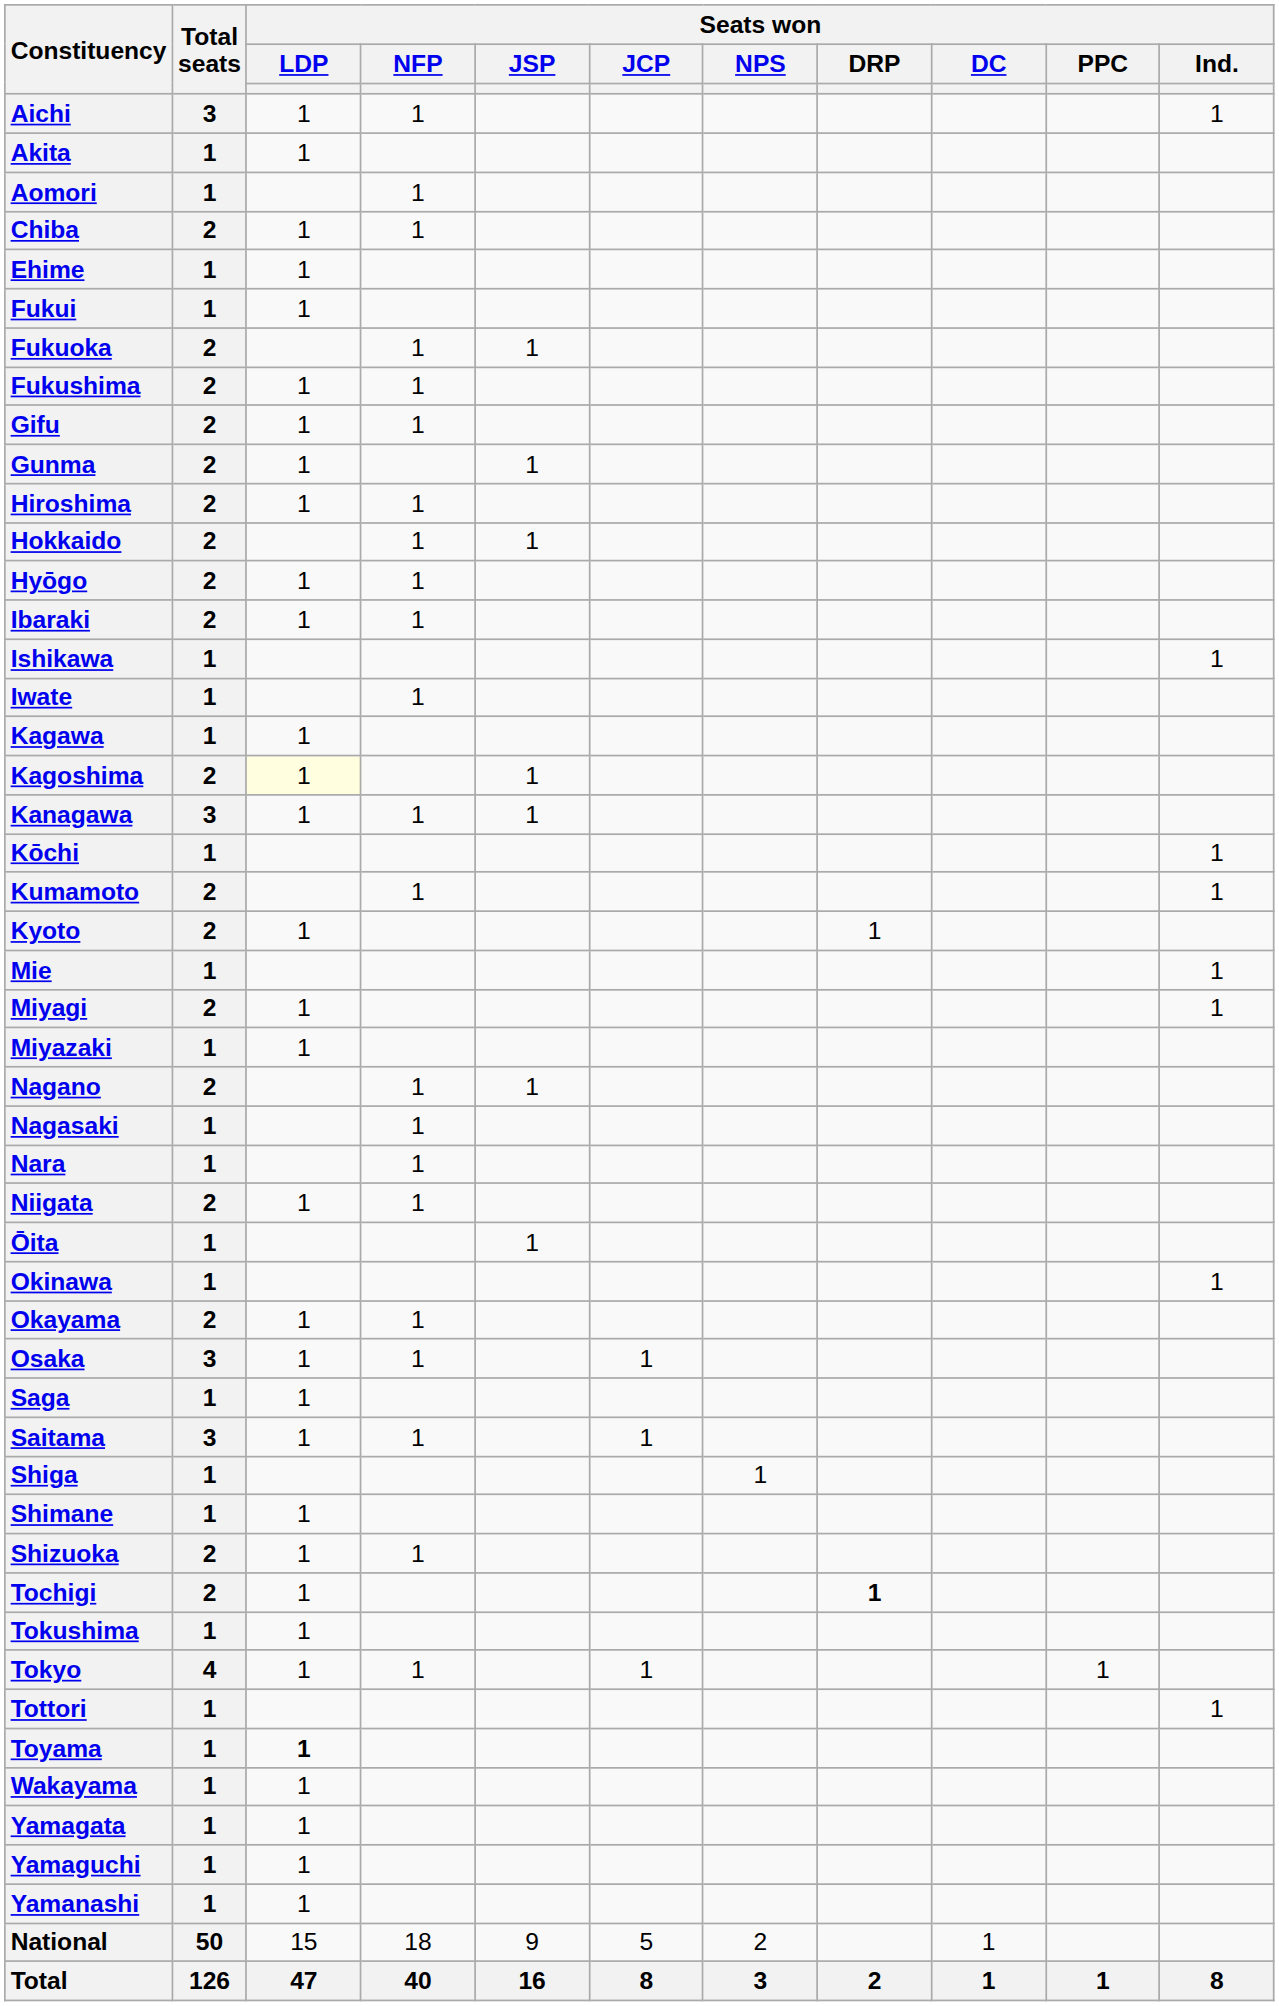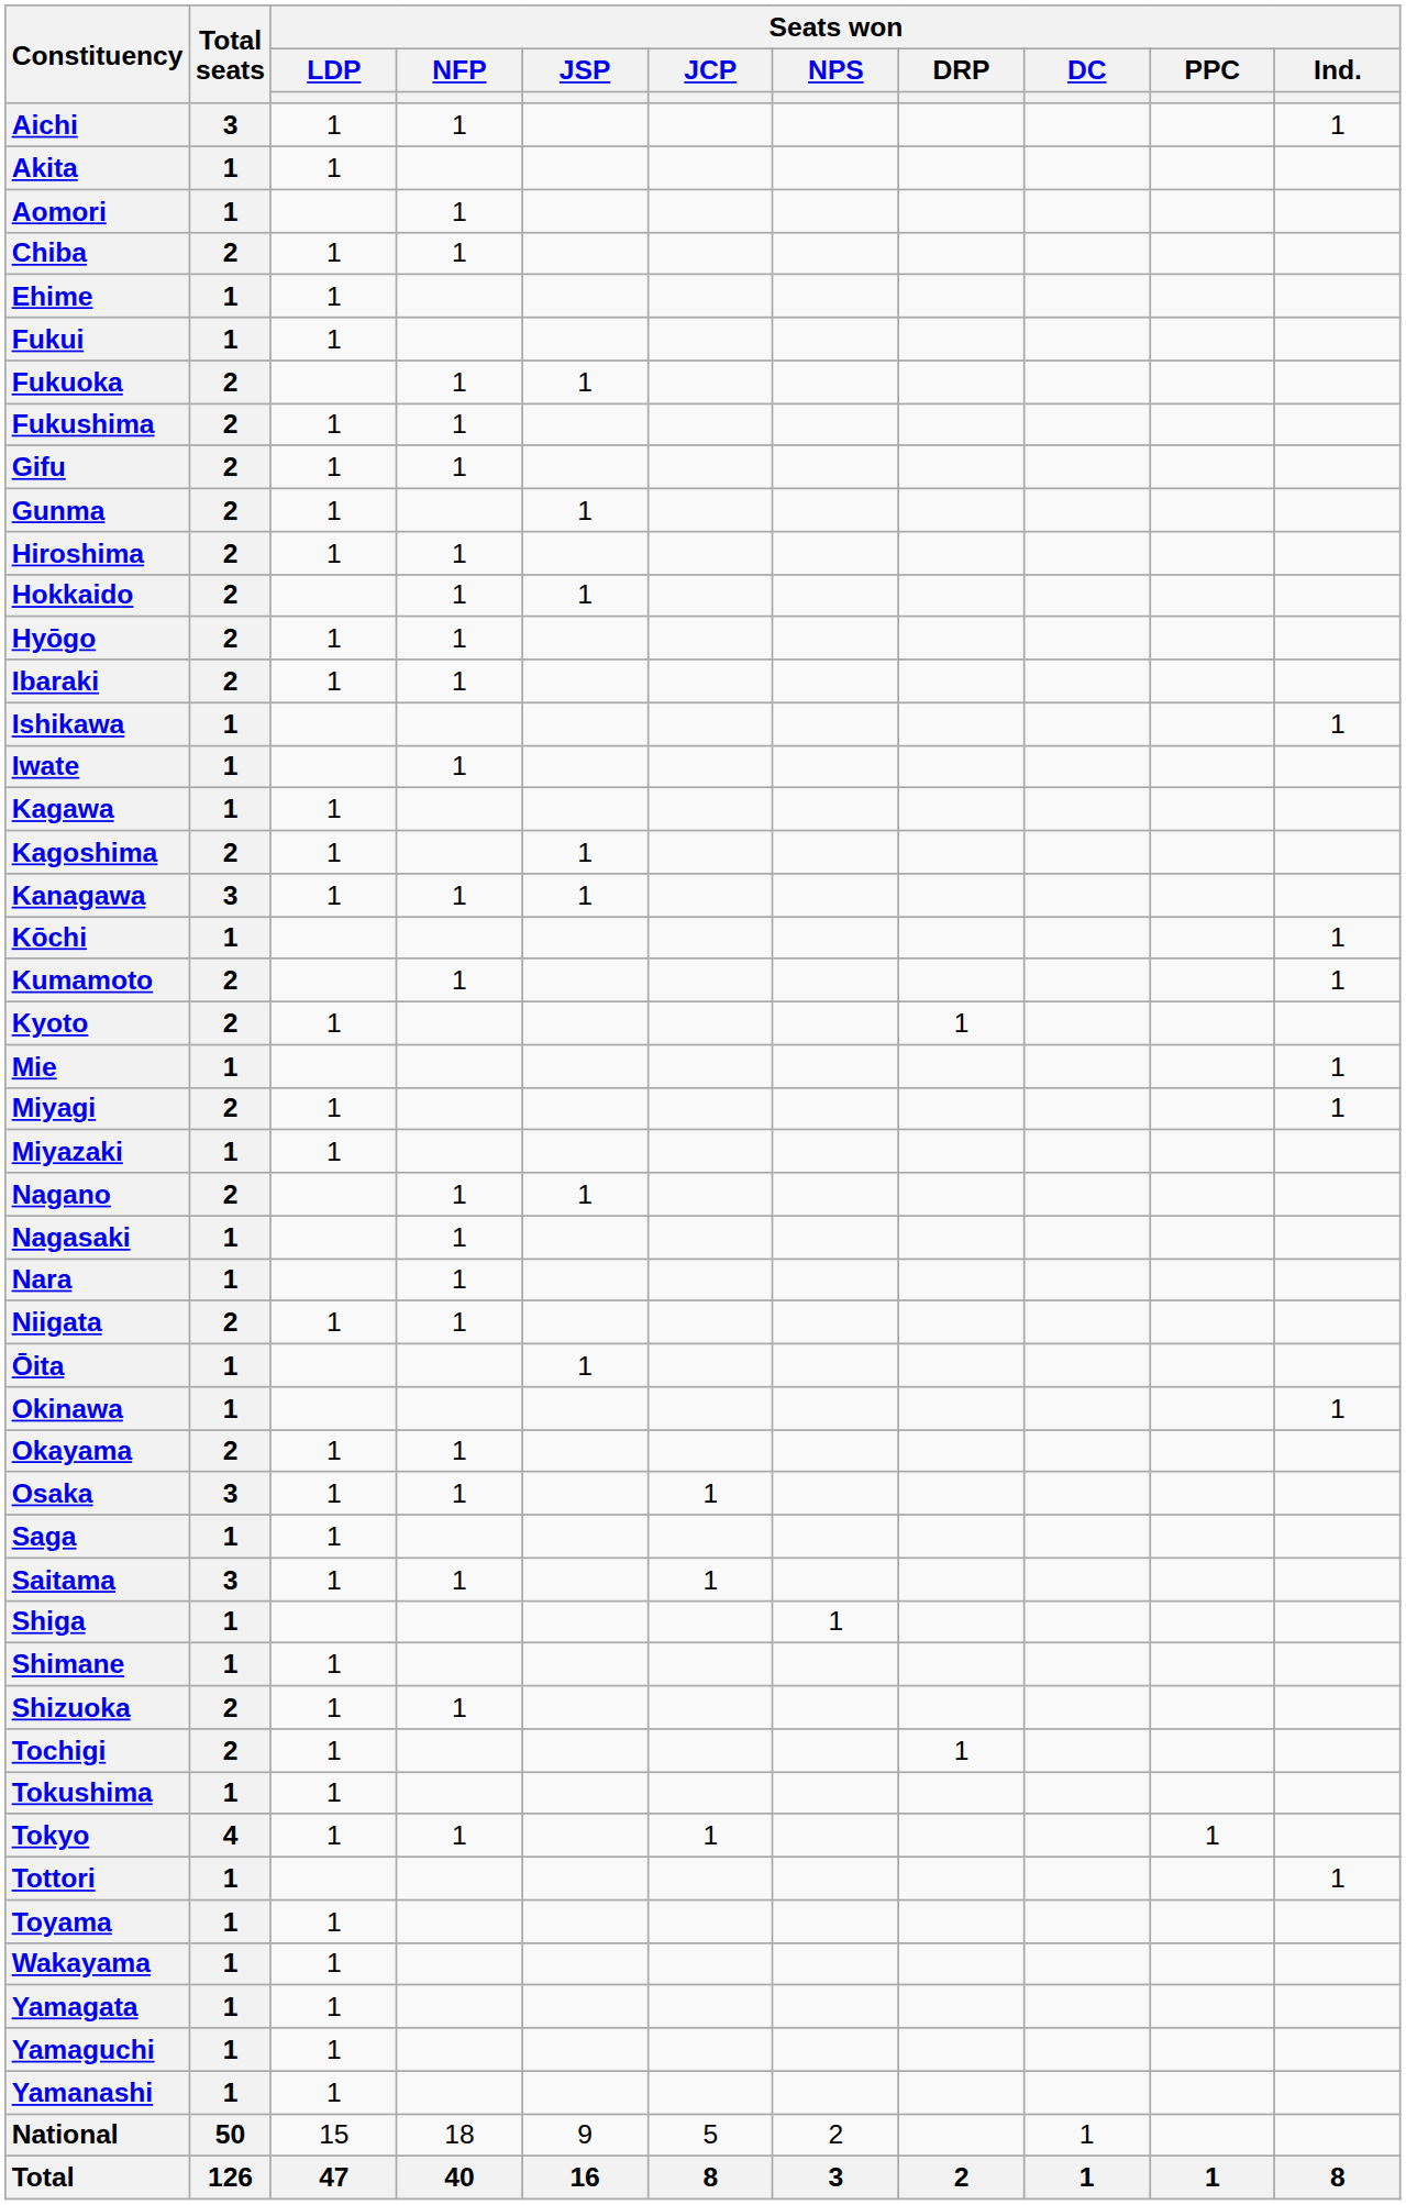 <table class="wikitable" style="text-align:center; font-size: 0.9em;">
 <tr>
 <th rowspan="3">Constituency</th>
 <th rowspan="3">Total<br>seats</th>
 <th colspan="9">Seats won</th>
 </tr>
 <tr>
 <th class="unsortable" style="width:60px;"><a href='#'>LDP</a></th>
 <th class="unsortable" style="width:60px;"><a href='#'>NFP</a></th>
 <th class="unsortable" style="width:60px;"><a href='#'>JSP</a></th>
 <th class="unsortable" style="width:60px;"><a href='#'>JCP</a></th>
 <th class="unsortable" style="width:60px;"><a href='#'>NPS</a></th>
 <th class="unsortable" style="width:60px;">DRP</th>
 <th class="unsortable" style="width:60px;"><a href='#'>DC</a></th>
 <th class="unsortable" style="width:60px;">PPC</th>
 <th class="unsortable" style="width:60px;">Ind.</th>
 </tr>
 <tr>
 <th style="background:"></th>
 <th style="background:"></th>
 <th style="background:"></th>
 <th style="background:"></th>
 <th style="background:"></th>
 <th style="background:"></th>
 <th style="background:"></th>
 <th></th>
 <th style="background:"></th>
 </tr>
 <tr>
 <th style="text-align: left;"><a href='#'>Aichi</a></th>
 <th>3</th>
 <td>1</td>
 <td>1</td>
 <td></td>
 <td></td>
 <td></td>
 <td></td>
 <td></td>
 <td></td>
 <td>1</td>
 </tr>
 <tr>
 <th style="text-align: left;"><a href='#'>Akita</a></th>
 <th>1</th>
 <td>1</td>
 <td></td>
 <td></td>
 <td></td>
 <td></td>
 <td></td>
 <td></td>
 <td></td>
 <td></td>
 </tr>
 <tr>
 <th style="text-align: left;"><a href='#'>Aomori</a></th>
 <th>1</th>
 <td></td>
 <td>1</td>
 <td></td>
 <td></td>
 <td></td>
 <td></td>
 <td></td>
 <td></td>
 <td></td>
 </tr>
 <tr>
 <th style="text-align: left;"><a href='#'>Chiba</a></th>
 <th>2</th>
 <td>1</td>
 <td>1</td>
 <td></td>
 <td></td>
 <td></td>
 <td></td>
 <td></td>
 <td></td>
 <td></td>
 </tr>
 <tr>
 <th style="text-align: left;"><a href='#'>Ehime</a></th>
 <th>1</th>
 <td>1</td>
 <td></td>
 <td></td>
 <td></td>
 <td></td>
 <td></td>
 <td></td>
 <td></td>
 <td></td>
 </tr>
 <tr>
 <th style="text-align: left;"><a href='#'>Fukui</a></th>
 <th>1</th>
 <td>1</td>
 <td></td>
 <td></td>
 <td></td>
 <td></td>
 <td></td>
 <td></td>
 <td></td>
 <td></td>
 </tr>
 <tr>
 <th style="text-align: left;"><a href='#'>Fukuoka</a></th>
 <th>2</th>
 <td></td>
 <td>1</td>
 <td>1</td>
 <td></td>
 <td></td>
 <td></td>
 <td></td>
 <td></td>
 <td></td>
 </tr>
 <tr>
 <th style="text-align: left;"><a href='#'>Fukushima</a></th>
 <th>2</th>
 <td>1</td>
 <td>1</td>
 <td></td>
 <td></td>
 <td></td>
 <td></td>
 <td></td>
 <td></td>
 <td></td>
 </tr>
 <tr>
 <th style="text-align: left;"><a href='#'>Gifu</a></th>
 <th>2</th>
 <td>1</td>
 <td>1</td>
 <td></td>
 <td></td>
 <td></td>
 <td></td>
 <td></td>
 <td></td>
 <td></td>
 </tr>
 <tr>
 <th style="text-align: left;"><a href='#'>Gunma</a></th>
 <th>2</th>
 <td>1</td>
 <td></td>
 <td>1</td>
 <td></td>
 <td></td>
 <td></td>
 <td></td>
 <td></td>
 <td></td>
 </tr>
 <tr>
 <th style="text-align: left;"><a href='#'>Hiroshima</a></th>
 <th>2</th>
 <td>1</td>
 <td>1</td>
 <td></td>
 <td></td>
 <td></td>
 <td></td>
 <td></td>
 <td></td>
 <td></td>
 </tr>
 <tr>
 <th style="text-align: left;"><a href='#'>Hokkaido</a></th>
 <th>2</th>
 <td></td>
 <td>1</td>
 <td>1</td>
 <td></td>
 <td></td>
 <td></td>
 <td></td>
 <td></td>
 <td></td>
 </tr>
 <tr>
 <th style="text-align: left;"><a href='#'>Hyōgo</a></th>
 <th>2</th>
 <td>1</td>
 <td>1</td>
 <td></td>
 <td></td>
 <td></td>
 <td></td>
 <td></td>
 <td></td>
 <td></td>
 </tr>
 <tr>
 <th style="text-align: left;"><a href='#'>Ibaraki</a></th>
 <th>2</th>
 <td>1</td>
 <td>1</td>
 <td></td>
 <td></td>
 <td></td>
 <td></td>
 <td></td>
 <td></td>
 <td></td>
 </tr>
 <tr>
 <th style="text-align: left;"><a href='#'>Ishikawa</a></th>
 <th>1</th>
 <td></td>
 <td></td>
 <td></td>
 <td></td>
 <td></td>
 <td></td>
 <td></td>
 <td></td>
 <td>1</td>
 </tr>
 <tr>
 <th style="text-align: left;"><a href='#'>Iwate</a></th>
 <th>1</th>
 <td></td>
 <td>1</td>
 <td></td>
 <td></td>
 <td></td>
 <td></td>
 <td></td>
 <td></td>
 <td></td>
 </tr>
 <tr>
 <th style="text-align: left;"><a href='#'>Kagawa</a></th>
 <th>1</th>
 <td>1</td>
 <td></td>
 <td></td>
 <td></td>
 <td></td>
 <td></td>
 <td></td>
 <td></td>
 <td></td>
 </tr>
 <tr>
 <th style="text-align: left;"><a href='#'>Kagoshima</a></th>
 <th>2</th>
-<td style="background: lightyellow;">1</td>
+<td>1</td>
 <td></td>
 <td>1</td>
 <td></td>
 <td></td>
 <td></td>
 <td></td>
 <td></td>
 <td></td>
 </tr>
 <tr>
 <th style="text-align: left;"><a href='#'>Kanagawa</a></th>
 <th>3</th>
 <td>1</td>
 <td>1</td>
 <td>1</td>
 <td></td>
 <td></td>
 <td></td>
 <td></td>
 <td></td>
 <td></td>
 </tr>
 <tr>
 <th style="text-align: left;"><a href='#'>Kōchi</a></th>
 <th>1</th>
 <td></td>
 <td></td>
 <td></td>
 <td></td>
 <td></td>
 <td></td>
 <td></td>
 <td></td>
 <td>1</td>
 </tr>
 <tr>
 <th style="text-align: left;"><a href='#'>Kumamoto</a></th>
 <th>2</th>
 <td></td>
 <td>1</td>
 <td></td>
 <td></td>
 <td></td>
 <td></td>
 <td></td>
 <td></td>
 <td>1</td>
 </tr>
 <tr>
 <th style="text-align: left;"><a href='#'>Kyoto</a></th>
 <th>2</th>
 <td>1</td>
 <td></td>
 <td></td>
 <td></td>
 <td></td>
 <td>1</td>
 <td></td>
 <td></td>
 <td></td>
 </tr>
 <tr>
 <th style="text-align: left;"><a href='#'>Mie</a></th>
 <th>1</th>
 <td></td>
 <td></td>
 <td></td>
 <td></td>
 <td></td>
 <td></td>
 <td></td>
 <td></td>
 <td>1</td>
 </tr>
 <tr>
 <th style="text-align: left;"><a href='#'>Miyagi</a></th>
 <th>2</th>
 <td>1</td>
 <td></td>
 <td></td>
 <td></td>
 <td></td>
 <td></td>
 <td></td>
 <td></td>
 <td>1</td>
 </tr>
 <tr>
 <th style="text-align: left;"><a href='#'>Miyazaki</a></th>
 <th>1</th>
 <td>1</td>
 <td></td>
 <td></td>
 <td></td>
 <td></td>
 <td></td>
 <td></td>
 <td></td>
 <td></td>
 </tr>
 <tr>
 <th style="text-align: left;"><a href='#'>Nagano</a></th>
 <th>2</th>
 <td></td>
 <td>1</td>
 <td>1</td>
 <td></td>
 <td></td>
 <td></td>
 <td></td>
 <td></td>
 <td></td>
 </tr>
 <tr>
 <th style="text-align: left;"><a href='#'>Nagasaki</a></th>
 <th>1</th>
 <td></td>
 <td>1</td>
 <td></td>
 <td></td>
 <td></td>
 <td></td>
 <td></td>
 <td></td>
 <td></td>
 </tr>
 <tr>
 <th style="text-align: left;"><a href='#'>Nara</a></th>
 <th>1</th>
 <td></td>
 <td>1</td>
 <td></td>
 <td></td>
 <td></td>
 <td></td>
 <td></td>
 <td></td>
 <td></td>
 </tr>
 <tr>
 <th style="text-align: left;"><a href='#'>Niigata</a></th>
 <th>2</th>
 <td>1</td>
 <td>1</td>
 <td></td>
 <td></td>
 <td></td>
 <td></td>
 <td></td>
 <td></td>
 <td></td>
 </tr>
 <tr>
 <th style="text-align: left;"><a href='#'>Ōita</a></th>
 <th>1</th>
 <td></td>
 <td></td>
 <td>1</td>
 <td></td>
 <td></td>
 <td></td>
 <td></td>
 <td></td>
 <td></td>
 </tr>
 <tr>
 <th style="text-align: left;"><a href='#'>Okinawa</a></th>
 <th>1</th>
 <td></td>
 <td></td>
 <td></td>
 <td></td>
 <td></td>
 <td></td>
 <td></td>
 <td></td>
 <td>1</td>
 </tr>
 <tr>
 <th style="text-align: left;"><a href='#'>Okayama</a></th>
 <th>2</th>
 <td>1</td>
 <td>1</td>
 <td></td>
 <td></td>
 <td></td>
 <td></td>
 <td></td>
 <td></td>
 <td></td>
 </tr>
 <tr>
 <th style="text-align: left;"><a href='#'>Osaka</a></th>
 <th>3</th>
 <td>1</td>
 <td>1</td>
 <td></td>
 <td>1</td>
 <td></td>
 <td></td>
 <td></td>
 <td></td>
 <td></td>
 </tr>
 <tr>
 <th style="text-align: left;"><a href='#'>Saga</a></th>
 <th>1</th>
 <td>1</td>
 <td></td>
 <td></td>
 <td></td>
 <td></td>
 <td></td>
 <td></td>
 <td></td>
 <td></td>
 </tr>
 <tr>
 <th style="text-align: left;"><a href='#'>Saitama</a></th>
 <th>3</th>
 <td>1</td>
 <td>1</td>
 <td></td>
 <td>1</td>
 <td></td>
 <td></td>
 <td></td>
 <td></td>
 <td></td>
 </tr>
 <tr>
 <th style="text-align: left;"><a href='#'>Shiga</a></th>
 <th>1</th>
 <td></td>
 <td></td>
 <td></td>
 <td></td>
 <td>1</td>
 <td></td>
 <td></td>
 <td></td>
 <td></td>
 </tr>
 <tr>
 <th style="text-align: left;"><a href='#'>Shimane</a></th>
 <th>1</th>
 <td>1</td>
 <td></td>
 <td></td>
 <td></td>
 <td></td>
 <td></td>
 <td></td>
 <td></td>
 <td></td>
 </tr>
 <tr>
 <th style="text-align: left;"><a href='#'>Shizuoka</a></th>
 <th>2</th>
 <td>1</td>
 <td>1</td>
 <td></td>
 <td></td>
 <td></td>
 <td></td>
 <td></td>
 <td></td>
 <td></td>
 </tr>
 <tr>
 <th style="text-align: left;"><a href='#'>Tochigi</a></th>
 <th>2</th>
 <td>1</td>
 <td></td>
 <td></td>
 <td></td>
 <td></td>
-<td><strong>1</strong></td>
+<td>1</td>
 <td></td>
 <td></td>
 <td></td>
 </tr>
 <tr>
 <th style="text-align: left;"><a href='#'>Tokushima</a></th>
 <th>1</th>
 <td>1</td>
 <td></td>
 <td></td>
 <td></td>
 <td></td>
 <td></td>
 <td></td>
 <td></td>
 <td></td>
 </tr>
 <tr>
 <th style="text-align: left;"><a href='#'>Tokyo</a></th>
 <th>4</th>
 <td>1</td>
 <td>1</td>
 <td></td>
 <td>1</td>
 <td></td>
 <td></td>
 <td></td>
 <td>1</td>
 <td></td>
 </tr>
 <tr>
 <th style="text-align: left;"><a href='#'>Tottori</a></th>
 <th>1</th>
 <td></td>
 <td></td>
 <td></td>
 <td></td>
 <td></td>
 <td></td>
 <td></td>
 <td></td>
 <td>1</td>
 </tr>
 <tr>
 <th style="text-align: left;"><a href='#'>Toyama</a></th>
 <th>1</th>
-<td><strong>1</strong></td>
+<td>1</td>
 <td></td>
 <td></td>
 <td></td>
 <td></td>
 <td></td>
 <td></td>
 <td></td>
 <td></td>
 </tr>
 <tr>
 <th style="text-align: left;"><a href='#'>Wakayama</a></th>
 <th>1</th>
 <td>1</td>
 <td></td>
 <td></td>
 <td></td>
 <td></td>
 <td></td>
 <td></td>
 <td></td>
 <td></td>
 </tr>
 <tr>
 <th style="text-align: left;"><a href='#'>Yamagata</a></th>
 <th>1</th>
 <td>1</td>
 <td></td>
 <td></td>
 <td></td>
 <td></td>
 <td></td>
 <td></td>
 <td></td>
 <td></td>
 </tr>
 <tr>
 <th style="text-align: left;"><a href='#'>Yamaguchi</a></th>
 <th>1</th>
 <td>1</td>
 <td></td>
 <td></td>
 <td></td>
 <td></td>
 <td></td>
 <td></td>
 <td></td>
 <td></td>
 </tr>
 <tr>
 <th style="text-align: left;"><a href='#'>Yamanashi</a></th>
 <th>1</th>
 <td>1</td>
 <td></td>
 <td></td>
 <td></td>
 <td></td>
 <td></td>
 <td></td>
 <td></td>
 <td></td>
 </tr>
 <tr>
 <th style="text-align: left;">National</th>
 <th>50</th>
 <td>15</td>
 <td>18</td>
 <td>9</td>
 <td>5</td>
 <td>2</td>
 <td></td>
 <td>1</td>
 <td></td>
 <td></td>
 </tr>
 <tr class="sortbottom">
 <th style="text-align: left;">Total</th>
 <th>126</th>
 <th>47</th>
 <th>40</th>
 <th>16</th>
 <th>8</th>
 <th>3</th>
 <th>2</th>
 <th>1</th>
 <th>1</th>
 <th>8</th>
 </tr>
 </table>
